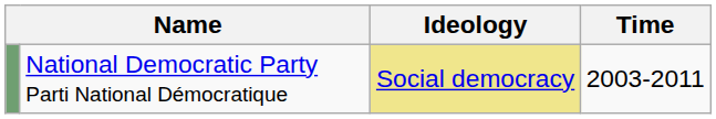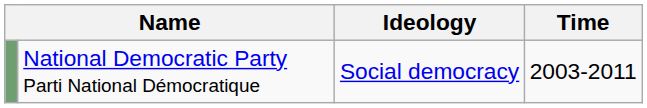 <table class="wikitable">
 <tr>
 <th colspan=2 width=225px>Name</th>
 <th>Ideology</th>
 <th>Time</th>
 </tr>
 <tr>
 <th style="background:#6f9f71; width:2px;"></th>
 <td><a href='#'>National Democratic Party</a><br><small>Parti National Démocratique</small></td>
-<td style="background: khaki;"><a href='#'>Social democracy</a></td>
+<td><a href='#'>Social democracy</a></td>
 <td>2003-2011</td>
 </tr>
 </table>
